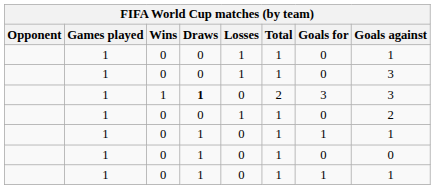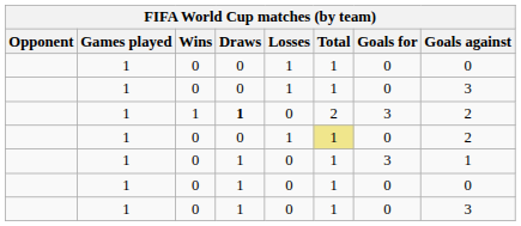 <table class="wikitable sortable" style="text-align:center">
 <tr>
 <th colspan=8>FIFA World Cup matches (by team)</th>
 </tr>
 <tr>
 <th>Opponent</th>
 <th>Games played</th>
 <th>Wins</th>
 <th>Draws</th>
 <th>Losses</th>
 <th>Total</th>
 <th>Goals for</th>
 <th>Goals against</th>
 </tr>
 <tr>
 <td align="left"></td>
 <td>1</td>
 <td>0</td>
 <td>0</td>
 <td>1</td>
 <td>1</td>
 <td>0</td>
-<td>1</td>
+<td>0</td>
 </tr>
 <tr>
 <td align="left"></td>
 <td>1</td>
 <td>0</td>
 <td>0</td>
 <td>1</td>
 <td>1</td>
 <td>0</td>
 <td>3</td>
 </tr>
 <tr>
 <td align="left"></td>
 <td>1</td>
 <td>1</td>
 <td><strong>1</strong></td>
 <td>0</td>
 <td>2</td>
 <td>3</td>
-<td>3</td>
+<td>2</td>
 </tr>
 <tr>
 <td align="left"></td>
 <td>1</td>
 <td>0</td>
 <td>0</td>
 <td>1</td>
-<td>1</td>
+<td style="background: khaki;">1</td>
 <td>0</td>
 <td>2</td>
 </tr>
 <tr>
 <td align="left"></td>
 <td>1</td>
 <td>0</td>
 <td>1</td>
 <td>0</td>
 <td>1</td>
-<td>1</td>
+<td>3</td>
 <td>1</td>
 </tr>
 <tr>
 <td align="left"></td>
 <td>1</td>
 <td>0</td>
 <td>1</td>
 <td>0</td>
 <td>1</td>
 <td>0</td>
 <td>0</td>
 </tr>
 <tr>
 <td align="left"></td>
 <td>1</td>
 <td>0</td>
 <td>1</td>
 <td>0</td>
 <td>1</td>
-<td>1</td>
-<td>1</td>
+<td>0</td>
+<td>3</td>
 </tr>
 </table>
